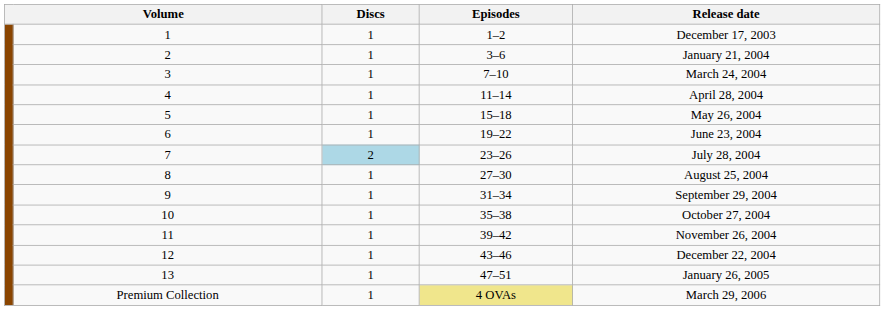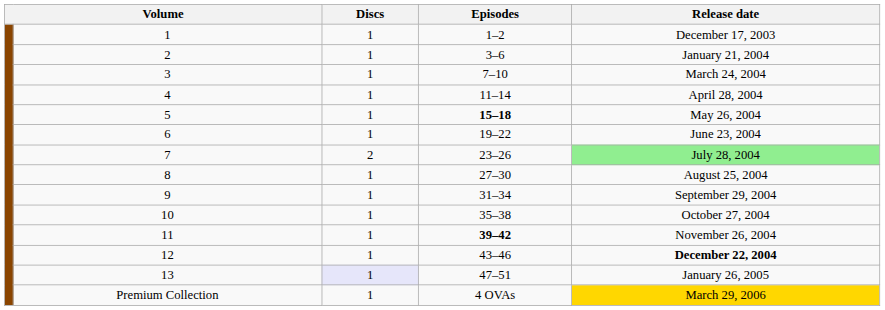 <table class="wikitable" style="text-align: center; width: 70%;">
 <tr>
 <th colspan="2">Volume</th>
 <th>Discs</th>
 <th>Episodes</th>
 <th>Release date</th>
 </tr>
 <tr>
 <td rowspan="16" width="1%" style="background: #8A4500;"></td>
 <td>1</td>
 <td>1</td>
 <td>1–2</td>
 <td>December 17, 2003</td>
 </tr>
 <tr>
 <td>2</td>
 <td>1</td>
 <td>3–6</td>
 <td>January 21, 2004</td>
 </tr>
 <tr>
 <td>3</td>
 <td>1</td>
 <td>7–10</td>
 <td>March 24, 2004</td>
 </tr>
 <tr>
 <td>4</td>
 <td>1</td>
 <td>11–14</td>
 <td>April 28, 2004</td>
 </tr>
 <tr>
 <td>5</td>
 <td>1</td>
-<td>15–18</td>
+<td><strong>15–18</strong></td>
 <td>May 26, 2004</td>
 </tr>
 <tr>
 <td>6</td>
 <td>1</td>
 <td>19–22</td>
 <td>June 23, 2004</td>
 </tr>
 <tr>
 <td>7</td>
-<td style="background: lightblue;">2</td>
+<td>2</td>
 <td>23–26</td>
-<td>July 28, 2004</td>
+<td style="background: lightgreen;">July 28, 2004</td>
 </tr>
 <tr>
 <td>8</td>
 <td>1</td>
 <td>27–30</td>
 <td>August 25, 2004</td>
 </tr>
 <tr>
 <td>9</td>
 <td>1</td>
 <td>31–34</td>
 <td>September 29, 2004</td>
 </tr>
 <tr>
 <td>10</td>
 <td>1</td>
 <td>35–38</td>
 <td>October 27, 2004</td>
 </tr>
 <tr>
 <td>11</td>
 <td>1</td>
-<td>39–42</td>
+<td><strong>39–42</strong></td>
 <td>November 26, 2004</td>
 </tr>
 <tr>
 <td>12</td>
 <td>1</td>
 <td>43–46</td>
-<td>December 22, 2004</td>
+<td><strong>December 22, 2004</strong></td>
 </tr>
 <tr>
 <td>13</td>
-<td>1</td>
+<td style="background: lavender;">1</td>
 <td>47–51</td>
 <td>January 26, 2005</td>
 </tr>
 <tr>
 <td>Premium Collection</td>
 <td>1</td>
-<td style="background: khaki;">4 OVAs</td>
-<td>March 29, 2006</td>
+<td>4 OVAs</td>
+<td style="background: gold;">March 29, 2006</td>
 </tr>
 </table>
